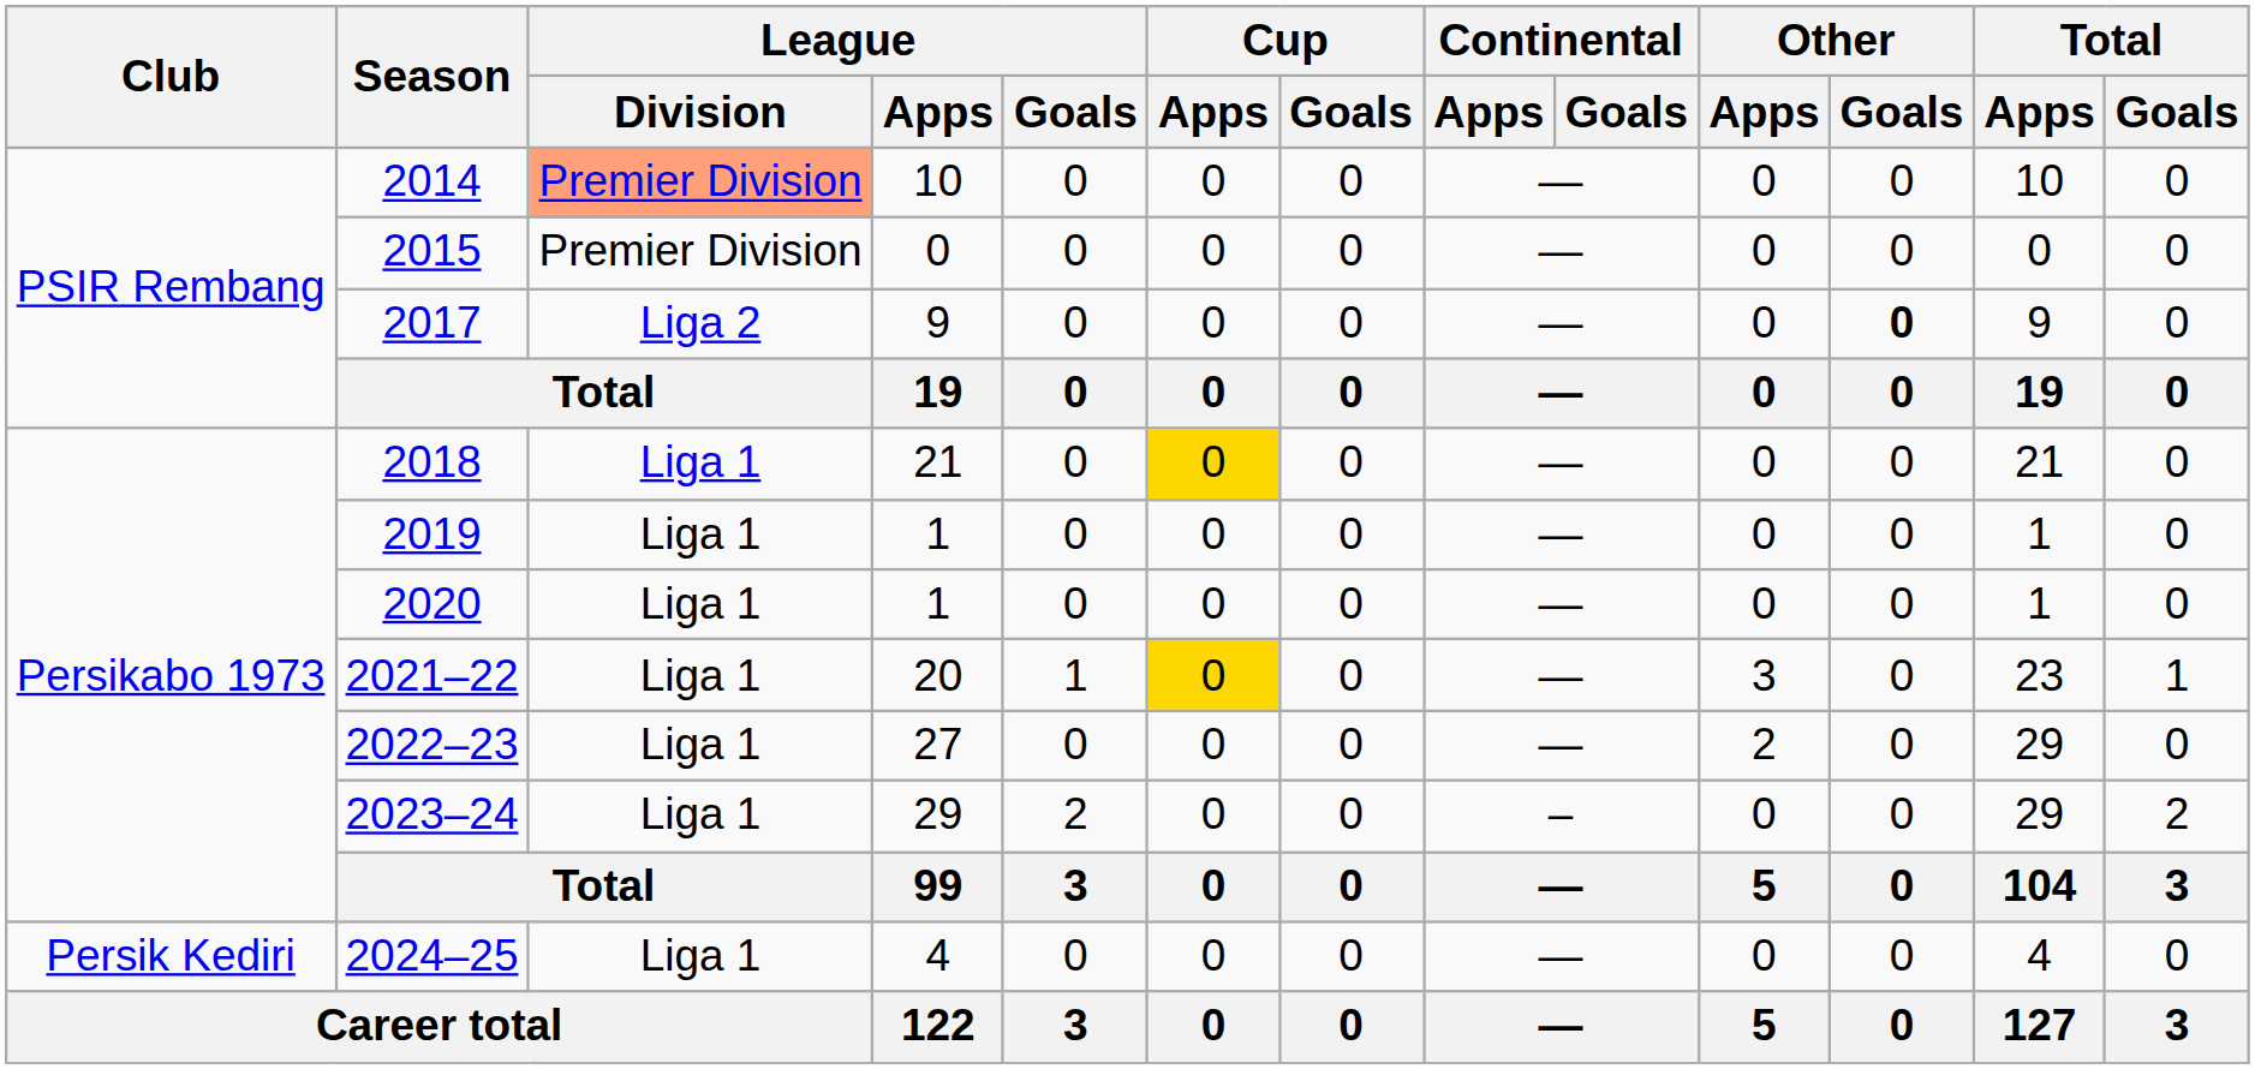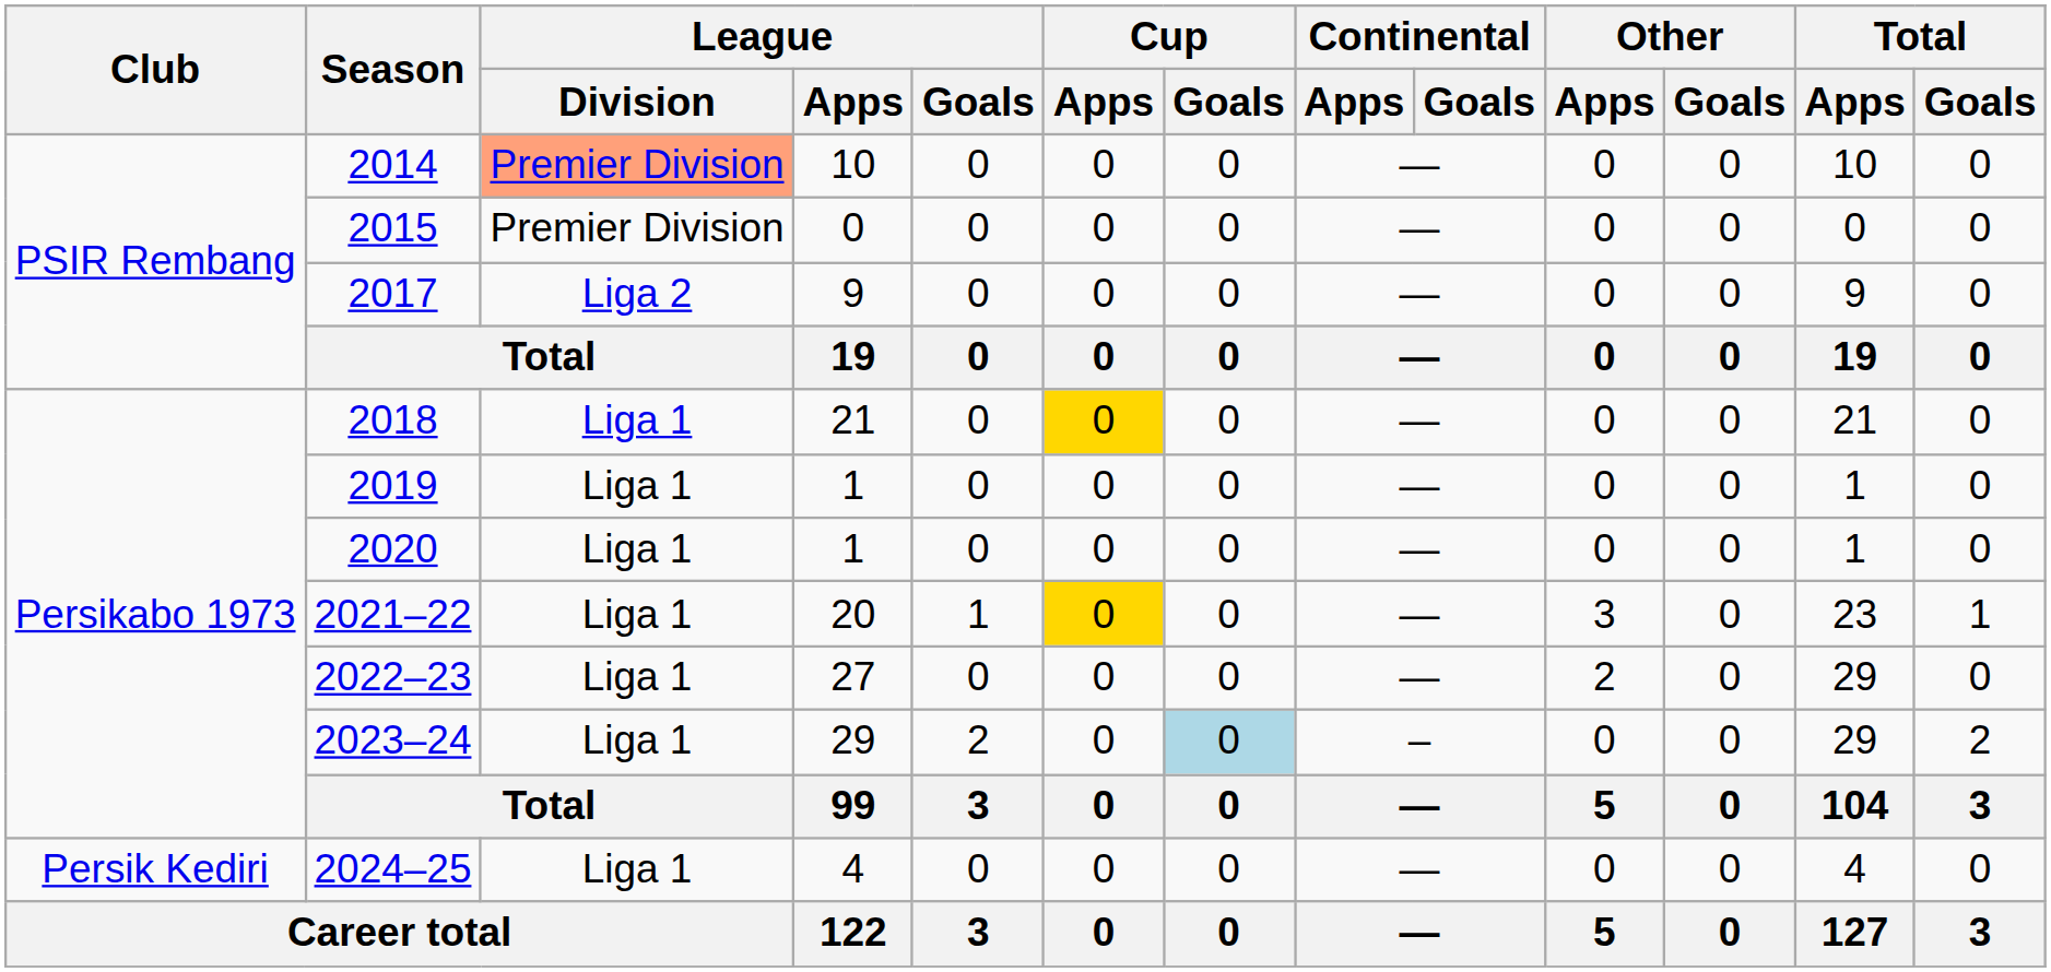 <table class="wikitable" style="text-align:center">
 <tr>
 <th rowspan="2">Club</th>
 <th rowspan="2">Season</th>
 <th colspan="3">League</th>
 <th colspan="2">Cup</th>
 <th colspan="2">Continental</th>
 <th colspan="2">Other</th>
 <th colspan="2">Total</th>
 </tr>
 <tr>
 <th>Division</th>
 <th>Apps</th>
 <th>Goals</th>
 <th>Apps</th>
 <th>Goals</th>
 <th>Apps</th>
 <th>Goals</th>
 <th>Apps</th>
 <th>Goals</th>
 <th>Apps</th>
 <th>Goals</th>
 </tr>
 <tr>
 <td rowspan="4" valign="center"><a href='#'>PSIR Rembang</a></td>
 <td><a href='#'>2014</a></td>
 <td rowspan="1" valign="center" style="background: lightsalmon;"><a href='#'>Premier Division</a></td>
 <td>10</td>
 <td>0</td>
 <td>0</td>
 <td>0</td>
 <td colspan="2">—</td>
 <td>0</td>
 <td>0</td>
 <td>10</td>
 <td>0</td>
 </tr>
 <tr>
 <td><a href='#'>2015</a></td>
 <td rowspan="1" valign="center">Premier Division</td>
 <td>0</td>
 <td>0</td>
 <td>0</td>
 <td>0</td>
 <td colspan="2">—</td>
 <td>0</td>
 <td>0</td>
 <td>0</td>
 <td>0</td>
 </tr>
 <tr>
 <td><a href='#'>2017</a></td>
 <td rowspan="1" valign="center"><a href='#'>Liga 2</a></td>
 <td>9</td>
 <td>0</td>
 <td>0</td>
 <td>0</td>
 <td colspan="2">—</td>
 <td>0</td>
-<td><strong>0</strong></td>
+<td>0</td>
 <td>9</td>
 <td>0</td>
 </tr>
 <tr>
 <th colspan="2">Total</th>
 <th>19</th>
 <th>0</th>
 <th>0</th>
 <th>0</th>
 <th colspan="2">—</th>
 <th>0</th>
 <th>0</th>
 <th>19</th>
 <th>0</th>
 </tr>
 <tr>
 <td rowspan="7" valign="center"><a href='#'>Persikabo 1973</a></td>
 <td><a href='#'>2018</a></td>
 <td rowspan="1" valign="center"><a href='#'>Liga 1</a></td>
 <td>21</td>
 <td>0</td>
 <td style="background: gold;">0</td>
 <td>0</td>
 <td colspan="2">—</td>
 <td>0</td>
 <td>0</td>
 <td>21</td>
 <td>0</td>
 </tr>
 <tr>
 <td><a href='#'>2019</a></td>
 <td rowspan="1" valign="center">Liga 1</td>
 <td>1</td>
 <td>0</td>
 <td>0</td>
 <td>0</td>
 <td colspan="2">—</td>
 <td>0</td>
 <td>0</td>
 <td>1</td>
 <td>0</td>
 </tr>
 <tr>
 <td><a href='#'>2020</a></td>
 <td rowspan="1" valign="center">Liga 1</td>
 <td>1</td>
 <td>0</td>
 <td>0</td>
 <td>0</td>
 <td colspan="2">—</td>
 <td>0</td>
 <td>0</td>
 <td>1</td>
 <td>0</td>
 </tr>
 <tr>
 <td><a href='#'>2021–22</a></td>
 <td rowspan="1" valign="center">Liga 1</td>
 <td>20</td>
 <td>1</td>
 <td style="background: gold;">0</td>
 <td>0</td>
 <td colspan="2">—</td>
 <td>3</td>
 <td>0</td>
 <td>23</td>
 <td>1</td>
 </tr>
 <tr>
 <td><a href='#'>2022–23</a></td>
 <td rowspan="1" valign="center">Liga 1</td>
 <td>27</td>
 <td>0</td>
 <td>0</td>
 <td>0</td>
 <td colspan=2>—</td>
 <td>2</td>
 <td>0</td>
 <td>29</td>
 <td>0</td>
 </tr>
 <tr>
 <td><a href='#'>2023–24</a></td>
 <td rowspan="1">Liga 1</td>
 <td>29</td>
 <td>2</td>
 <td>0</td>
-<td>0</td>
+<td style="background: lightblue;">0</td>
 <td colspan="2">–</td>
 <td>0</td>
 <td>0</td>
 <td>29</td>
 <td>2</td>
 </tr>
 <tr>
 <th colspan="2">Total</th>
 <th>99</th>
 <th>3</th>
 <th>0</th>
 <th>0</th>
 <th colspan="2">—</th>
 <th>5</th>
 <th>0</th>
 <th>104</th>
 <th>3</th>
 </tr>
 <tr>
 <td rowspan="1" valign="center"><a href='#'>Persik Kediri</a></td>
 <td><a href='#'>2024–25</a></td>
 <td rowspan="1" valign="center">Liga 1</td>
 <td>4</td>
 <td>0</td>
 <td>0</td>
 <td>0</td>
 <td colspan="2">—</td>
 <td>0</td>
 <td>0</td>
 <td>4</td>
 <td>0</td>
 </tr>
 <tr>
 <th colspan="3">Career total</th>
 <th>122</th>
 <th>3</th>
 <th>0</th>
 <th>0</th>
 <th colspan="2">—</th>
 <th>5</th>
 <th>0</th>
 <th>127</th>
 <th>3</th>
 </tr>
 </table>
